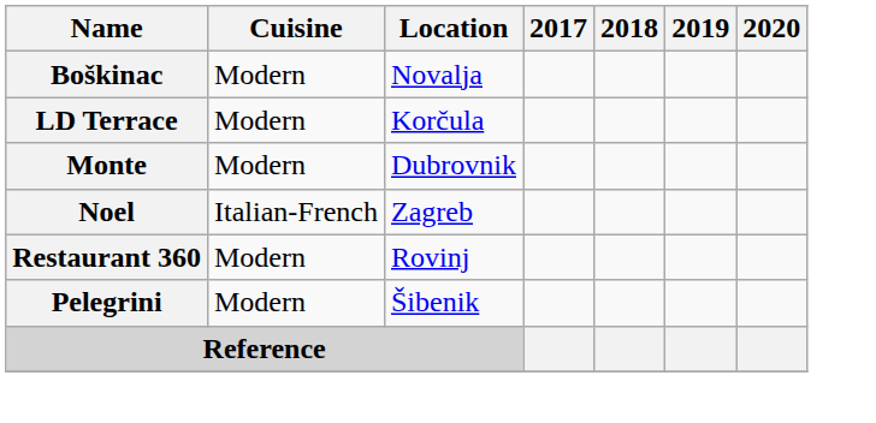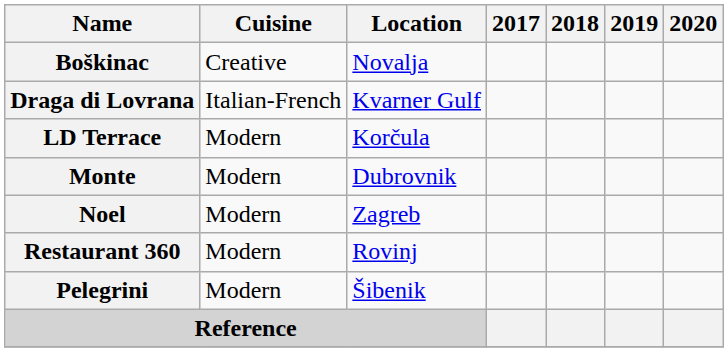 <table class="wikitable sortable plainrowheaders" style="text-align:left;"">
 <tr>
 <th scope="col">Name</th>
 <th scope="col">Cuisine</th>
 <th scope="col">Location</th>
 <th scope="col">2017</th>
 <th scope="col">2018</th>
 <th scope="col">2019</th>
 <th scope="col">2020</th>
 </tr>
 <tr>
 <th scope="row">Boškinac</th>
-<td>Modern</td>
+<td>Creative</td>
 <td><a href='#'>Novalja</a></td>
+<td></td>
+<td></td>
+<td></td>
+<td></td>
+</tr>
+<tr>
+<th scope="row">Draga di Lovrana</th>
+<td>Italian-French</td>
+<td><a href='#'>Kvarner Gulf</a></td>
 <td></td>
 <td></td>
 <td></td>
 <td></td>
 </tr>
 <tr>
 <th scope="row">LD Terrace</th>
 <td>Modern</td>
 <td><a href='#'>Korčula</a></td>
 <td></td>
 <td></td>
 <td></td>
 <td></td>
 </tr>
 <tr>
 <th scope="row">Monte</th>
 <td>Modern</td>
 <td><a href='#'>Dubrovnik</a></td>
 <td></td>
 <td></td>
 <td></td>
 <td></td>
 </tr>
 <tr>
 <th scope="row">Noel</th>
-<td>Italian-French</td>
+<td>Modern</td>
 <td><a href='#'>Zagreb</a></td>
 <td></td>
 <td></td>
 <td></td>
 <td></td>
 </tr>
 <tr>
 <th scope="row">Restaurant 360</th>
 <td>Modern</td>
 <td><a href='#'>Rovinj</a></td>
 <td></td>
 <td></td>
 <td></td>
 <td></td>
 </tr>
 <tr>
 <th scope="row">Pelegrini</th>
 <td>Modern</td>
 <td><a href='#'>Šibenik</a></td>
 <td></td>
 <td></td>
 <td></td>
 <td></td>
 </tr>
 <tr>
 <th colspan="3" style="text-align: center;background: lightgray;">Reference</th>
 <th></th>
 <th></th>
 <th></th>
 <th></th>
 </tr>
 <tr>
 </tr>
 </table>
